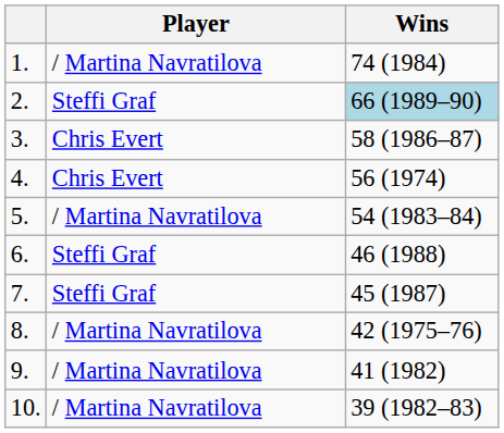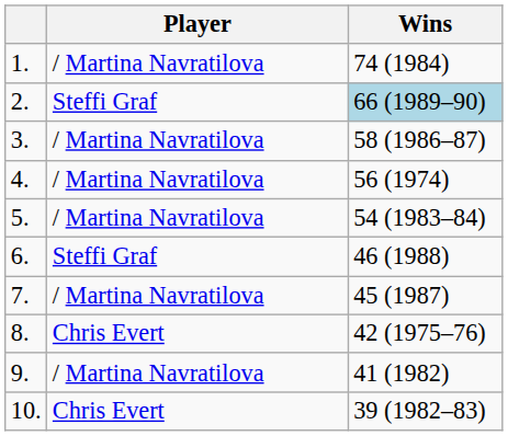 <table class="wikitable" style="display:inline-table">
 <tr>
 <th></th>
 <th width=190>Player</th>
 <th width=94>Wins</th>
 </tr>
 <tr>
 <td>1.</td>
 <td style="white-space: nowrap;">/ <a href='#'>Martina Navratilova</a></td>
 <td>74 (1984)</td>
 </tr>
 <tr>
 <td>2.</td>
 <td> <a href='#'>Steffi Graf</a></td>
 <td style="background: lightblue;">66 (1989–90)</td>
 </tr>
 <tr>
 <td>3.</td>
-<td> <a href='#'>Chris Evert</a></td>
+<td>/ <a href='#'>Martina Navratilova</a></td>
 <td style="white-space: nowrap;">58 (1986–87)</td>
 </tr>
 <tr>
 <td>4.</td>
-<td> <a href='#'>Chris Evert</a></td>
+<td>/ <a href='#'>Martina Navratilova</a></td>
 <td>56 (1974)</td>
 </tr>
 <tr>
 <td>5.</td>
 <td>/ <a href='#'>Martina Navratilova</a></td>
 <td>54 (1983–84)</td>
 </tr>
 <tr>
 <td>6.</td>
 <td> <a href='#'>Steffi Graf</a></td>
 <td>46 (1988)</td>
 </tr>
 <tr>
 <td>7.</td>
-<td> <a href='#'>Steffi Graf</a></td>
+<td>/ <a href='#'>Martina Navratilova</a></td>
 <td>45 (1987)</td>
 </tr>
 <tr>
 <td>8.</td>
-<td>/ <a href='#'>Martina Navratilova</a></td>
+<td> <a href='#'>Chris Evert</a></td>
 <td>42 (1975–76)</td>
 </tr>
 <tr>
 <td>9.</td>
 <td>/ <a href='#'>Martina Navratilova</a></td>
 <td>41 (1982)</td>
 </tr>
 <tr>
 <td>10.</td>
-<td>/ <a href='#'>Martina Navratilova</a></td>
+<td> <a href='#'>Chris Evert</a></td>
 <td>39 (1982–83)</td>
 </tr>
 </table>
